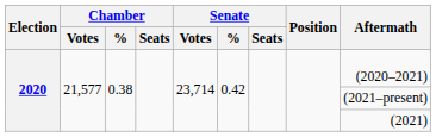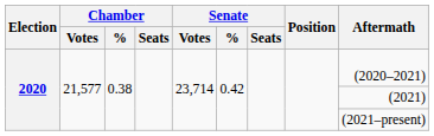 <table class="wikitable" style="text-align: right;">
 <tr>
 <th rowspan="2">Election</th>
 <th colspan="3"><a href='#'>Chamber</a></th>
 <th colspan="3"><a href='#'>Senate</a></th>
 <th rowspan="2">Position</th>
 <th rowspan="2">Aftermath</th>
 </tr>
 <tr>
 <th>Votes</th>
 <th>%</th>
 <th>Seats</th>
 <th>Votes</th>
 <th>%</th>
 <th>Seats</th>
 </tr>
 <tr>
 <th rowspan=3><a href='#'>2020</a></th>
 <td rowspan=3>21,577</td>
 <td rowspan=3>0.38</td>
 <td rowspan=3></td>
 <td rowspan=3>23,714</td>
 <td rowspan=3>0.42</td>
 <td rowspan=3></td>
 <td rowspan=3; style="text-align: center;"></td>
 <td><br> (2020–2021)</td>
 </tr>
 <tr>
+<td> (2021)</td>
+</tr>
+<tr>
 <td> (2021–present)</td>
 </tr>
-<tr>
-<td> (2021)</td>
-</tr>
 </table>
